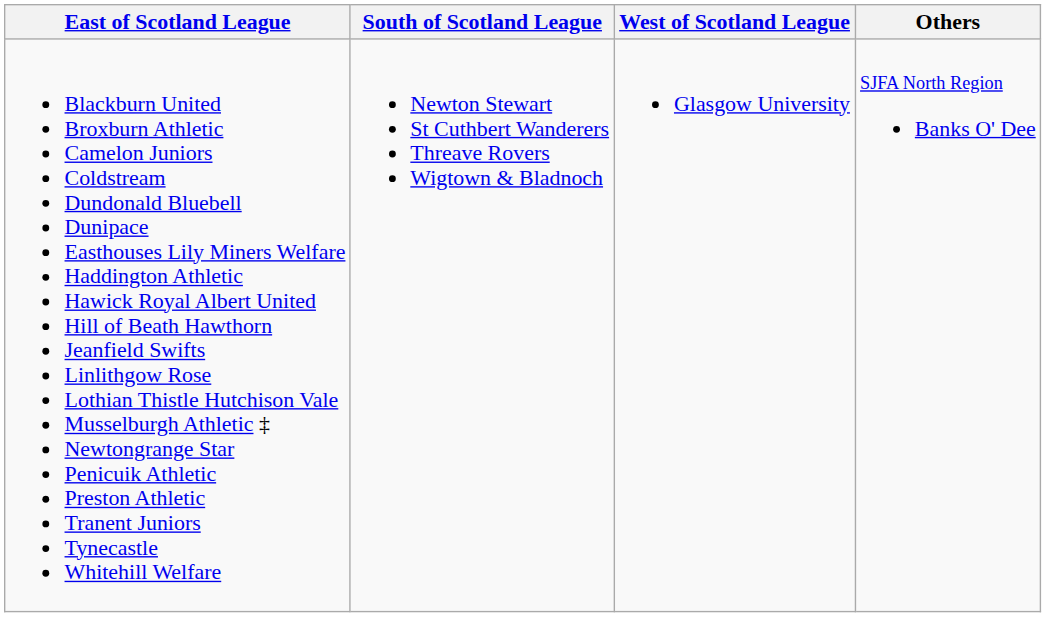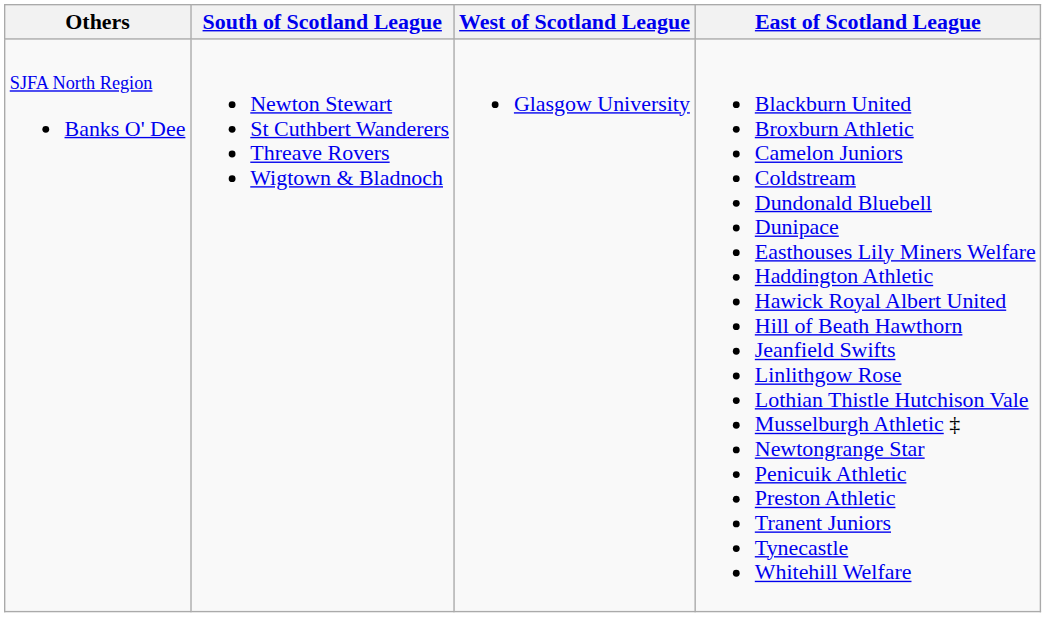 <table class="wikitable" style="text-align:left">
 <tr>
-<th><a href='#'>East of Scotland League</a></th>
+<th>Others</th>
 <th><a href='#'>South of Scotland League</a></th>
 <th><a href='#'>West of Scotland League</a></th>
-<th>Others</th>
+<th><a href='#'>East of Scotland League</a></th>
 </tr>
 <tr>
-<td valign=top><br><ul><li><a href='#'>Blackburn United</a></li><li><a href='#'>Broxburn Athletic</a></li><li><a href='#'>Camelon Juniors</a></li><li><a href='#'>Coldstream</a></li><li><a href='#'>Dundonald Bluebell</a></li><li><a href='#'>Dunipace</a></li><li><a href='#'>Easthouses Lily Miners Welfare</a></li><li><a href='#'>Haddington Athletic</a></li><li><a href='#'>Hawick Royal Albert United</a></li><li><a href='#'>Hill of Beath Hawthorn</a></li><li><a href='#'>Jeanfield Swifts</a></li><li><a href='#'>Linlithgow Rose</a></li><li><a href='#'>Lothian Thistle Hutchison Vale</a></li><li><a href='#'>Musselburgh Athletic</a> ‡</li><li><a href='#'>Newtongrange Star</a></li><li><a href='#'>Penicuik Athletic</a></li><li><a href='#'>Preston Athletic</a></li><li><a href='#'>Tranent Juniors</a></li><li><a href='#'>Tynecastle</a></li><li><a href='#'>Whitehill Welfare</a></li></ul></td>
+<td valign=top><br><small><a href='#'>SJFA North Region</a></small><ul><li><a href='#'>Banks O' Dee</a></li></ul></td>
 <td valign=top><br><ul><li><a href='#'>Newton Stewart</a></li><li><a href='#'>St Cuthbert Wanderers</a></li><li><a href='#'>Threave Rovers</a></li><li><a href='#'>Wigtown & Bladnoch</a></li></ul></td>
 <td valign=top><br><ul><li><a href='#'>Glasgow University</a></li></ul></td>
-<td valign=top><br><small><a href='#'>SJFA North Region</a></small><ul><li><a href='#'>Banks O' Dee</a></li></ul></td>
+<td valign=top><br><ul><li><a href='#'>Blackburn United</a></li><li><a href='#'>Broxburn Athletic</a></li><li><a href='#'>Camelon Juniors</a></li><li><a href='#'>Coldstream</a></li><li><a href='#'>Dundonald Bluebell</a></li><li><a href='#'>Dunipace</a></li><li><a href='#'>Easthouses Lily Miners Welfare</a></li><li><a href='#'>Haddington Athletic</a></li><li><a href='#'>Hawick Royal Albert United</a></li><li><a href='#'>Hill of Beath Hawthorn</a></li><li><a href='#'>Jeanfield Swifts</a></li><li><a href='#'>Linlithgow Rose</a></li><li><a href='#'>Lothian Thistle Hutchison Vale</a></li><li><a href='#'>Musselburgh Athletic</a> ‡</li><li><a href='#'>Newtongrange Star</a></li><li><a href='#'>Penicuik Athletic</a></li><li><a href='#'>Preston Athletic</a></li><li><a href='#'>Tranent Juniors</a></li><li><a href='#'>Tynecastle</a></li><li><a href='#'>Whitehill Welfare</a></li></ul></td>
 </tr>
 </table>
